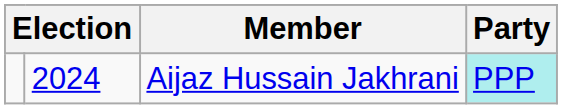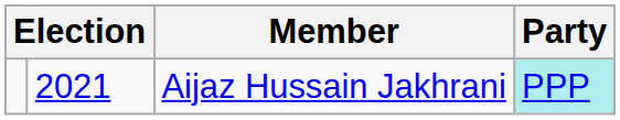 <table class="wikitable">
 <tr>
 <th colspan="2">Election</th>
 <th>Member</th>
 <th>Party</th>
 </tr>
 <tr>
 <td style="background-color: "></td>
-<td><a href='#'>2024</a></td>
+<td><a href='#'>2021</a></td>
 <td><a href='#'>Aijaz Hussain Jakhrani</a></td>
 <td style="background: paleturquoise;"><a href='#'>PPP</a></td>
 </tr>
 </table>
